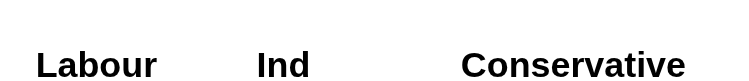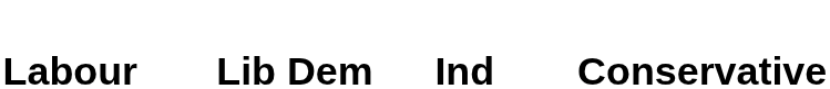 <table style="width:60%; text-align:center;">
 <tr style="color:white;">
 <td style="background:"><strong>11</strong></td>
+<td style="background:"><strong>2</strong></td>
 <td style="background:"><strong>10</strong></td>
 <td style="background:"><strong>28</strong></td>
 </tr>
 <tr>
 <td><span><strong>Labour</strong></span></td>
+<td><span><strong>Lib Dem</strong></span></td>
 <td><span><strong>Ind</strong></span></td>
 <td><span><strong>Conservative</strong></span></td>
 </tr>
 </table>
